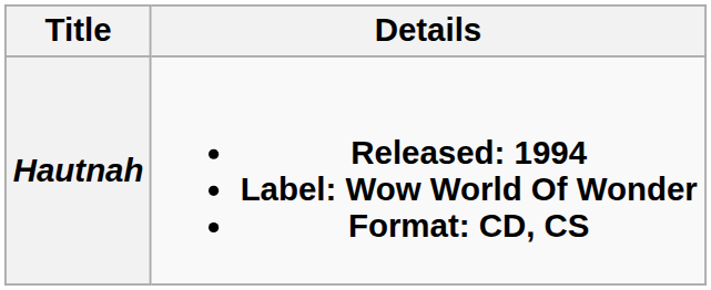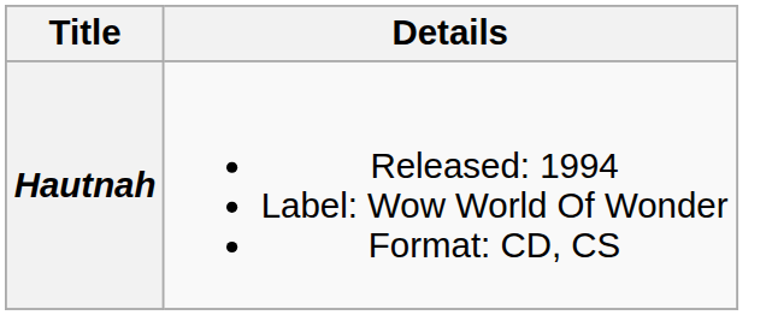 <table class="wikitable plainrowheaders" style="text-align:center;" border="1">
 <tr>
 <th>Title</th>
 <th>Details</th>
 </tr>
 <tr>
 <th scope="row"><em>Hautnah</em></th>
-<td><strong><br><ul><li>Released: 1994</li><li>Label: Wow World Of Wonder</li><li>Format: CD, CS</li></ul></strong></td>
+<td><br><ul><li>Released: 1994</li><li>Label: Wow World Of Wonder</li><li>Format: CD, CS</li></ul></td>
 </tr>
 </table>
